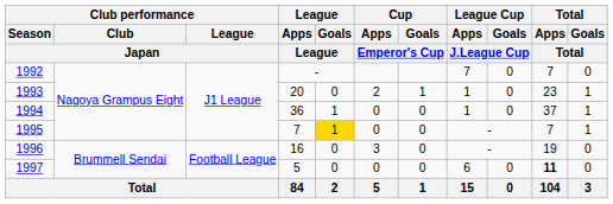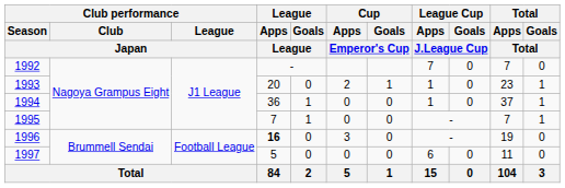 <table class="wikitable" style="text-align:center;">
 <tr>
 <th colspan=3>Club performance</th>
 <th colspan=2>League</th>
 <th colspan=2>Cup</th>
 <th colspan=2>League Cup</th>
 <th colspan=2>Total</th>
 </tr>
 <tr>
 <th>Season</th>
 <th>Club</th>
 <th>League</th>
 <th>Apps</th>
 <th>Goals</th>
 <th>Apps</th>
 <th>Goals</th>
 <th>Apps</th>
 <th>Goals</th>
 <th>Apps</th>
 <th>Goals</th>
 </tr>
 <tr>
 <th colspan=3>Japan</th>
 <th colspan=2>League</th>
 <th colspan=2><a href='#'>Emperor's Cup</a></th>
 <th colspan=2><a href='#'>J.League Cup</a></th>
 <th colspan=2>Total</th>
 </tr>
 <tr>
 <td><a href='#'>1992</a></td>
 <td rowspan="4"><a href='#'>Nagoya Grampus Eight</a></td>
 <td rowspan="4"><a href='#'>J1 League</a></td>
 <td colspan="2">-</td>
 <td></td>
 <td></td>
 <td>7</td>
 <td>0</td>
 <td>7</td>
 <td>0</td>
 </tr>
 <tr>
 <td><a href='#'>1993</a></td>
 <td>20</td>
 <td>0</td>
 <td>2</td>
 <td>1</td>
 <td>1</td>
 <td>0</td>
 <td>23</td>
 <td>1</td>
 </tr>
 <tr>
 <td><a href='#'>1994</a></td>
 <td>36</td>
 <td>1</td>
 <td>0</td>
 <td>0</td>
 <td>1</td>
 <td>0</td>
 <td>37</td>
 <td>1</td>
 </tr>
 <tr>
 <td><a href='#'>1995</a></td>
 <td>7</td>
-<td style="background: gold;">1</td>
+<td>1</td>
 <td>0</td>
 <td>0</td>
 <td colspan="2">-</td>
 <td>7</td>
 <td>1</td>
 </tr>
 <tr>
 <td><a href='#'>1996</a></td>
 <td rowspan="2"><a href='#'>Brummell Sendai</a></td>
 <td rowspan="2"><a href='#'>Football League</a></td>
-<td>16</td>
+<td><strong>16</strong></td>
 <td>0</td>
 <td>3</td>
 <td>0</td>
 <td colspan="2">-</td>
 <td>19</td>
 <td>0</td>
 </tr>
 <tr>
 <td><a href='#'>1997</a></td>
 <td>5</td>
 <td>0</td>
 <td>0</td>
 <td>0</td>
 <td>6</td>
 <td>0</td>
-<td><strong>11</strong></td>
+<td>11</td>
 <td>0</td>
 </tr>
 <tr>
 <th colspan=3>Total</th>
 <th>84</th>
 <th>2</th>
 <th>5</th>
 <th>1</th>
 <th>15</th>
 <th>0</th>
 <th>104</th>
 <th>3</th>
 </tr>
 </table>
